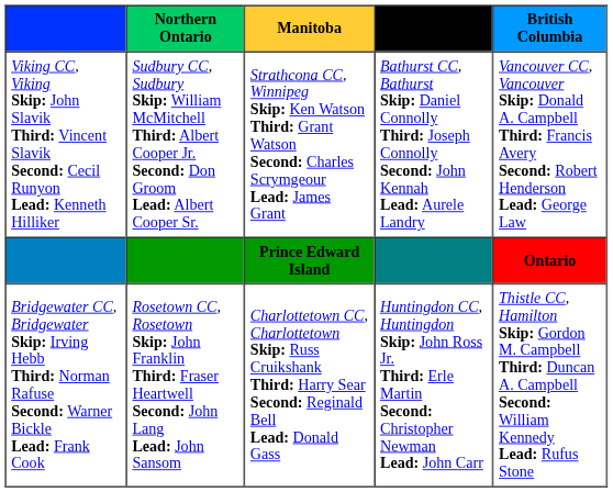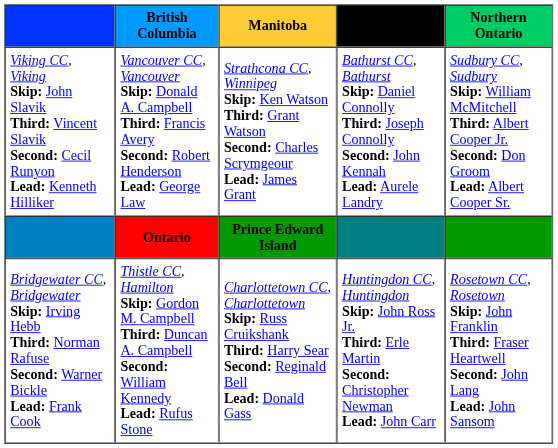 <table - border=1 cellpadding=5 cellspacing=0>
 <tr>
 <th bgcolor=#0033FF width=200></th>
-<th style="background:#0c6; width:200px;">Northern Ontario</th>
+<th style="background:#09f; width:200px;">British Columbia</th>
 <th style="background:#FFCC33; width:200px;">Manitoba</th>
 <th bgcolor=#000000 width=200></th>
-<th style="background:#09f; width:200px;">British Columbia</th>
+<th style="background:#0c6; width:200px;">Northern Ontario</th>
 </tr>
 <tr>
 <td><em><a href='#'>Viking CC</a>, <a href='#'>Viking</a></em><br><strong>Skip:</strong> <a href='#'>John Slavik</a><br> <strong>Third:</strong> <a href='#'>Vincent Slavik</a><br> <strong>Second:</strong> <a href='#'>Cecil Runyon</a><br> <strong>Lead:</strong> <a href='#'>Kenneth Hilliker</a></td>
-<td><em><a href='#'>Sudbury CC</a>, <a href='#'>Sudbury</a></em><br><strong>Skip:</strong> <a href='#'>William McMitchell</a><br> <strong>Third:</strong> <a href='#'>Albert Cooper Jr.</a><br> <strong>Second:</strong> <a href='#'>Don Groom</a><br> <strong>Lead:</strong> <a href='#'>Albert Cooper Sr.</a></td>
+<td><em><a href='#'>Vancouver CC</a>, <a href='#'>Vancouver</a></em><br><strong>Skip:</strong> <a href='#'>Donald A. Campbell</a><br> <strong>Third:</strong> <a href='#'>Francis Avery</a><br> <strong>Second:</strong> <a href='#'>Robert Henderson</a><br> <strong>Lead:</strong> <a href='#'>George Law</a></td>
 <td><em><a href='#'>Strathcona CC</a>, <a href='#'>Winnipeg</a></em><br><strong>Skip:</strong> <a href='#'>Ken Watson</a><br> <strong>Third:</strong> <a href='#'>Grant Watson</a><br> <strong>Second:</strong> <a href='#'>Charles Scrymgeour</a><br> <strong>Lead:</strong> <a href='#'>James Grant</a></td>
 <td><em><a href='#'>Bathurst CC</a>, <a href='#'>Bathurst</a></em><br><strong>Skip:</strong> <a href='#'>Daniel Connolly</a><br> <strong>Third:</strong> <a href='#'>Joseph Connolly</a><br> <strong>Second:</strong> <a href='#'>John Kennah</a><br> <strong>Lead:</strong> <a href='#'>Aurele Landry</a></td>
-<td><em><a href='#'>Vancouver CC</a>, <a href='#'>Vancouver</a></em><br><strong>Skip:</strong> <a href='#'>Donald A. Campbell</a><br> <strong>Third:</strong> <a href='#'>Francis Avery</a><br> <strong>Second:</strong> <a href='#'>Robert Henderson</a><br> <strong>Lead:</strong> <a href='#'>George Law</a></td>
+<td><em><a href='#'>Sudbury CC</a>, <a href='#'>Sudbury</a></em><br><strong>Skip:</strong> <a href='#'>William McMitchell</a><br> <strong>Third:</strong> <a href='#'>Albert Cooper Jr.</a><br> <strong>Second:</strong> <a href='#'>Don Groom</a><br> <strong>Lead:</strong> <a href='#'>Albert Cooper Sr.</a></td>
 </tr>
 <tr border=1 cellpadding=5 cellspacing=0>
 <th bgcolor=#0080C0 width=200></th>
-<th bgcolor=#009900 width=200></th>
+<th bgcolor=#FF0000 width=200>Ontario</th>
 <th style="background:#090; width:200px;">Prince Edward Island</th>
 <th style="background:#008080; width:200px;"></th>
-<th bgcolor=#FF0000 width=200>Ontario</th>
+<th bgcolor=#009900 width=200></th>
 </tr>
 <tr>
 <td><em><a href='#'>Bridgewater CC</a>, <a href='#'>Bridgewater</a></em><br><strong>Skip:</strong> <a href='#'>Irving Hebb</a><br> <strong>Third:</strong> <a href='#'>Norman Rafuse</a><br> <strong>Second:</strong> <a href='#'>Warner Bickle</a><br> <strong>Lead:</strong> <a href='#'>Frank Cook</a></td>
-<td><em><a href='#'>Rosetown CC</a>, <a href='#'>Rosetown</a></em><br><strong>Skip:</strong> <a href='#'>John Franklin</a><br> <strong>Third:</strong> <a href='#'>Fraser Heartwell</a><br> <strong>Second:</strong> <a href='#'>John Lang</a><br> <strong>Lead:</strong> <a href='#'>John Sansom</a></td>
+<td><em><a href='#'>Thistle CC</a>, <a href='#'>Hamilton</a></em><br><strong>Skip:</strong> <a href='#'>Gordon M. Campbell</a><br> <strong>Third:</strong> <a href='#'>Duncan A. Campbell</a><br> <strong>Second:</strong> <a href='#'>William Kennedy</a><br> <strong>Lead:</strong> <a href='#'>Rufus Stone</a></td>
 <td><em><a href='#'>Charlottetown CC</a>, <a href='#'>Charlottetown</a></em><br><strong>Skip:</strong> <a href='#'>Russ Cruikshank</a><br> <strong>Third:</strong> <a href='#'>Harry Sear</a><br> <strong>Second:</strong> <a href='#'>Reginald Bell</a><br> <strong>Lead:</strong> <a href='#'>Donald Gass</a></td>
 <td><em><a href='#'>Huntingdon CC</a>, <a href='#'>Huntingdon</a></em><br><strong>Skip:</strong> <a href='#'>John Ross Jr.</a><br> <strong>Third:</strong> <a href='#'>Erle Martin</a><br> <strong>Second:</strong> <a href='#'>Christopher Newman</a><br> <strong>Lead:</strong> <a href='#'>John Carr</a></td>
-<td><em><a href='#'>Thistle CC</a>, <a href='#'>Hamilton</a></em><br><strong>Skip:</strong> <a href='#'>Gordon M. Campbell</a><br> <strong>Third:</strong> <a href='#'>Duncan A. Campbell</a><br> <strong>Second:</strong> <a href='#'>William Kennedy</a><br> <strong>Lead:</strong> <a href='#'>Rufus Stone</a></td>
+<td><em><a href='#'>Rosetown CC</a>, <a href='#'>Rosetown</a></em><br><strong>Skip:</strong> <a href='#'>John Franklin</a><br> <strong>Third:</strong> <a href='#'>Fraser Heartwell</a><br> <strong>Second:</strong> <a href='#'>John Lang</a><br> <strong>Lead:</strong> <a href='#'>John Sansom</a></td>
 </tr>
 </table>
